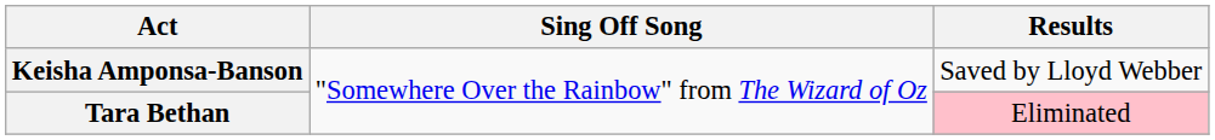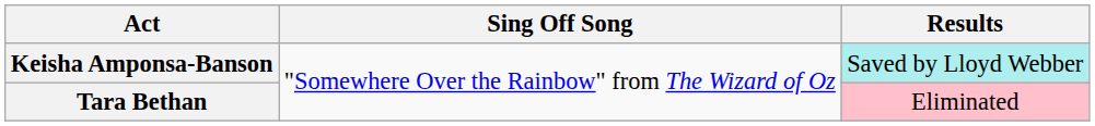 <table class="wikitable plainrowheaders" style="text-align:center;">
 <tr>
 <th scope="col">Act</th>
 <th scope="col">Sing Off Song</th>
 <th scope="col">Results</th>
 </tr>
 <tr>
 <th scope="row">Keisha Amponsa-Banson</th>
 <td rowspan="2">"<a href='#'>Somewhere Over the Rainbow</a>" from <em><a href='#'>The Wizard of Oz</a></em></td>
-<td>Saved by Lloyd Webber</td>
+<td style="background: paleturquoise;">Saved by Lloyd Webber</td>
 </tr>
 <tr>
 <th scope="row">Tara Bethan</th>
 <td style="background:pink;">Eliminated</td>
 </tr>
 </table>
